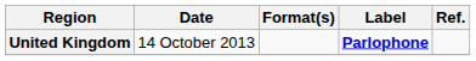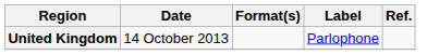 <table class="wikitable plainrowheaders">
 <tr>
 <th scope="col">Region</th>
 <th scope="col">Date</th>
 <th scope="col">Format(s)</th>
 <th scope="col">Label</th>
 <th scope="col">Ref.</th>
 </tr>
 <tr>
 <th scope="row">United Kingdom</th>
 <td>14 October 2013</td>
 <td></td>
-<td><strong><a href='#'>Parlophone</a></strong></td>
+<td><a href='#'>Parlophone</a></td>
 <td></td>
 </tr>
 <tr>
 </tr>
 </table>
